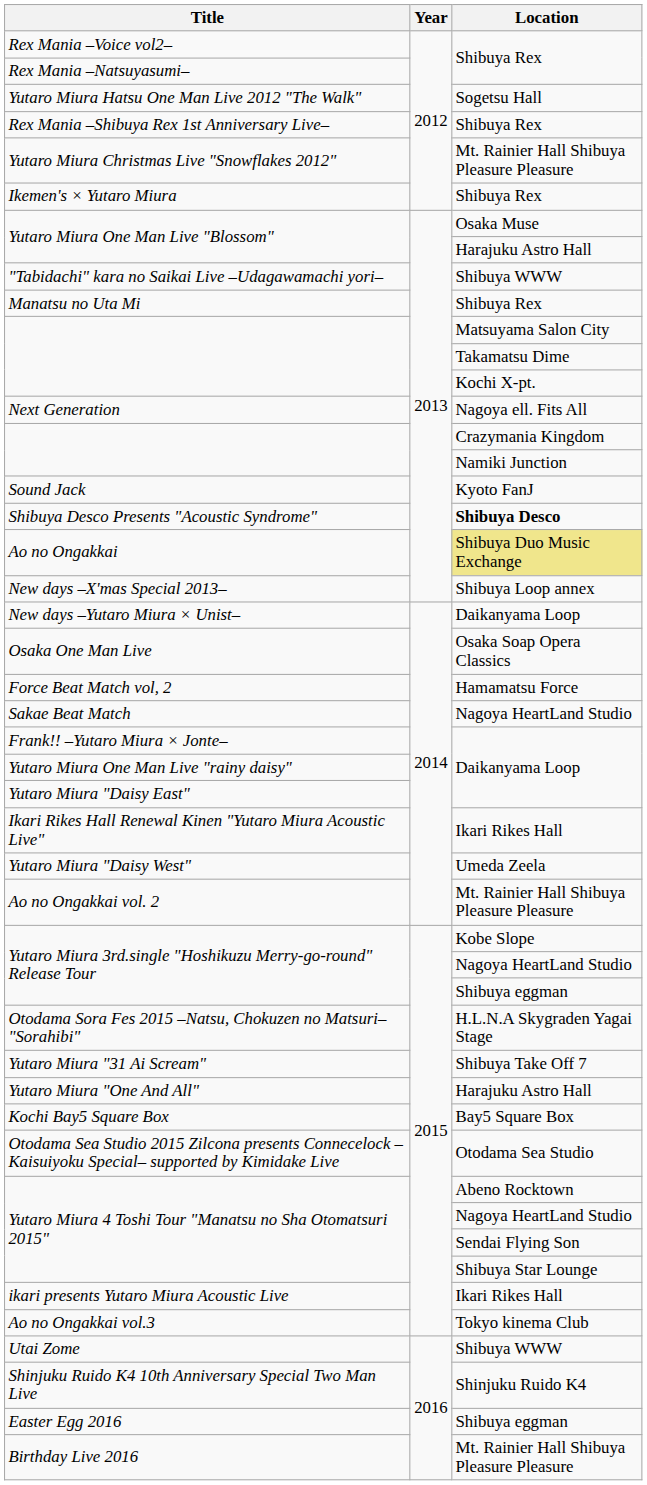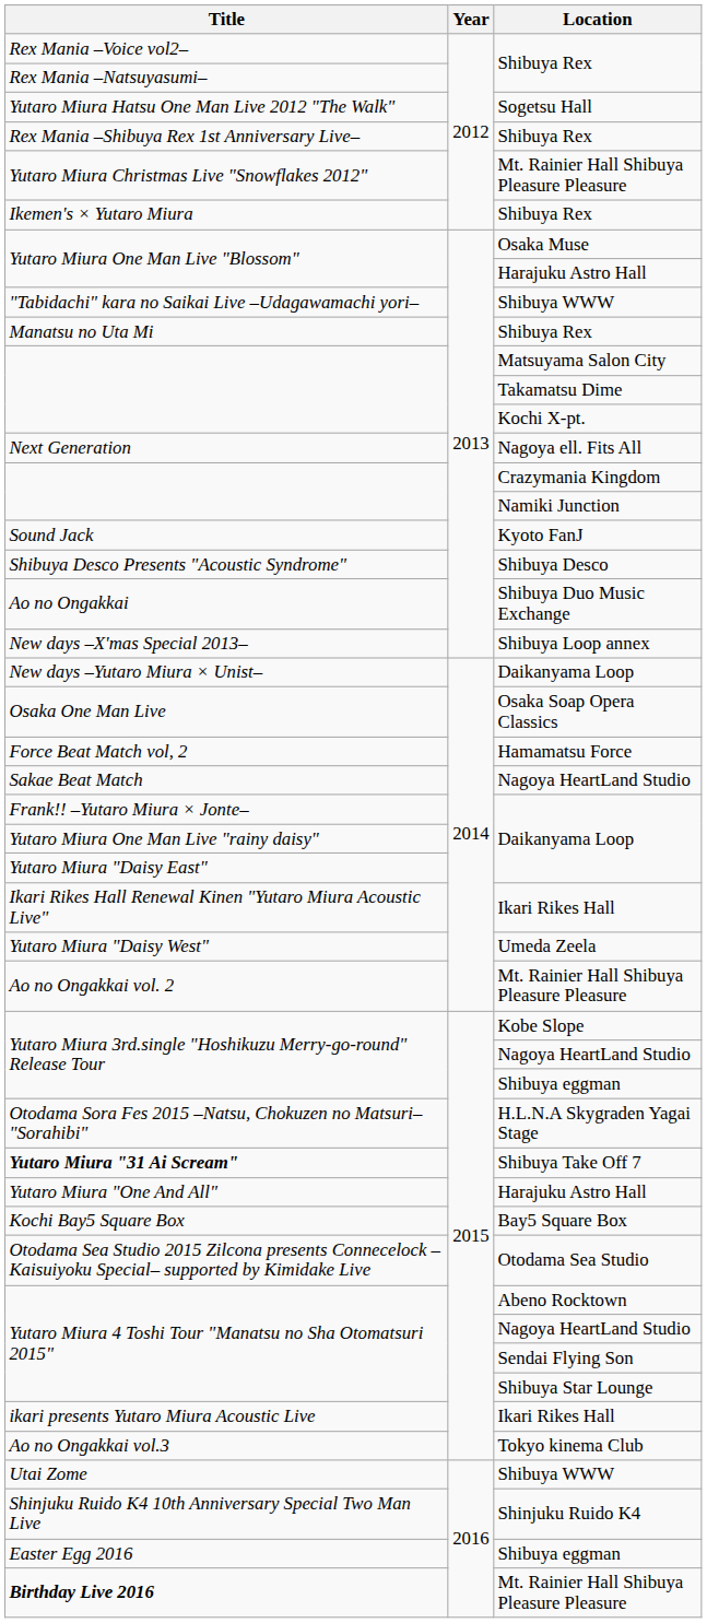 <table class="wikitable">
 <tr>
 <th>Title</th>
 <th>Year</th>
 <th>Location</th>
 </tr>
 <tr>
 <td><em>Rex Mania –Voice vol2–</em></td>
 <td rowspan="6">2012</td>
 <td rowspan="2">Shibuya Rex</td>
 </tr>
 <tr>
 <td><em>Rex Mania –Natsuyasumi–</em></td>
 </tr>
 <tr>
 <td><em>Yutaro Miura Hatsu One Man Live 2012 "The Walk"</em></td>
 <td>Sogetsu Hall</td>
 </tr>
 <tr>
 <td><em>Rex Mania –Shibuya Rex 1st Anniversary Live–</em></td>
 <td>Shibuya Rex</td>
 </tr>
 <tr>
 <td><em>Yutaro Miura Christmas Live "Snowflakes 2012"</em></td>
 <td>Mt. Rainier Hall Shibuya Pleasure Pleasure</td>
 </tr>
 <tr>
 <td><em>Ikemen's × Yutaro Miura</em></td>
 <td>Shibuya Rex</td>
 </tr>
 <tr>
 <td rowspan="2"><em>Yutaro Miura One Man Live "Blossom"</em></td>
 <td rowspan="14">2013</td>
 <td>Osaka Muse</td>
 </tr>
 <tr>
 <td>Harajuku Astro Hall</td>
 </tr>
 <tr>
 <td><em>"Tabidachi" kara no Saikai Live –Udagawamachi yori–</em></td>
 <td>Shibuya WWW</td>
 </tr>
 <tr>
 <td><em>Manatsu no Uta Mi</em></td>
 <td>Shibuya Rex</td>
 </tr>
 <tr>
 <td rowspan="3"></td>
 <td>Matsuyama Salon City</td>
 </tr>
 <tr>
 <td>Takamatsu Dime</td>
 </tr>
 <tr>
 <td>Kochi X-pt.</td>
 </tr>
 <tr>
 <td><em>Next Generation</em></td>
 <td>Nagoya ell. Fits All</td>
 </tr>
 <tr>
 <td rowspan="2"></td>
 <td>Crazymania Kingdom</td>
 </tr>
 <tr>
 <td>Namiki Junction</td>
 </tr>
 <tr>
 <td><em>Sound Jack</em></td>
 <td>Kyoto FanJ</td>
 </tr>
 <tr>
 <td><em>Shibuya Desco Presents "Acoustic Syndrome"</em></td>
-<td><strong>Shibuya Desco</strong></td>
+<td>Shibuya Desco</td>
 </tr>
 <tr>
 <td><em>Ao no Ongakkai</em></td>
-<td style="background: khaki;">Shibuya Duo Music Exchange</td>
+<td>Shibuya Duo Music Exchange</td>
 </tr>
 <tr>
 <td><em>New days –X'mas Special 2013–</em></td>
 <td>Shibuya Loop annex</td>
 </tr>
 <tr>
 <td><em>New days –Yutaro Miura × Unist–</em></td>
 <td rowspan="10">2014</td>
 <td>Daikanyama Loop</td>
 </tr>
 <tr>
 <td><em>Osaka One Man Live</em></td>
 <td>Osaka Soap Opera Classics</td>
 </tr>
 <tr>
 <td><em>Force Beat Match vol, 2</em></td>
 <td>Hamamatsu Force</td>
 </tr>
 <tr>
 <td><em>Sakae Beat Match</em></td>
 <td>Nagoya HeartLand Studio</td>
 </tr>
 <tr>
 <td><em>Frank!! –Yutaro Miura × Jonte–</em></td>
 <td rowspan="3">Daikanyama Loop</td>
 </tr>
 <tr>
 <td><em>Yutaro Miura One Man Live "rainy daisy"</em></td>
 </tr>
 <tr>
 <td><em>Yutaro Miura "Daisy East"</em></td>
 </tr>
 <tr>
 <td><em>Ikari Rikes Hall Renewal Kinen "Yutaro Miura Acoustic Live"</em></td>
 <td>Ikari Rikes Hall</td>
 </tr>
 <tr>
 <td><em>Yutaro Miura "Daisy West"</em></td>
 <td>Umeda Zeela</td>
 </tr>
 <tr>
 <td><em>Ao no Ongakkai vol. 2</em></td>
 <td>Mt. Rainier Hall Shibuya Pleasure Pleasure</td>
 </tr>
 <tr>
 <td rowspan="3"><em>Yutaro Miura 3rd.single "Hoshikuzu Merry-go-round" Release Tour</em></td>
 <td rowspan="14">2015</td>
 <td>Kobe Slope</td>
 </tr>
 <tr>
 <td>Nagoya HeartLand Studio</td>
 </tr>
 <tr>
 <td>Shibuya eggman</td>
 </tr>
 <tr>
 <td><em>Otodama Sora Fes 2015 –Natsu, Chokuzen no Matsuri– "Sorahibi"</em></td>
 <td>H.L.N.A Skygraden Yagai Stage</td>
 </tr>
 <tr>
-<td><em>Yutaro Miura "31 Ai Scream"</em></td>
+<td><strong><em>Yutaro Miura "31 Ai Scream"</em></strong></td>
 <td>Shibuya Take Off 7</td>
 </tr>
 <tr>
 <td><em>Yutaro Miura "One And All"</em></td>
 <td>Harajuku Astro Hall</td>
 </tr>
 <tr>
 <td><em>Kochi Bay5 Square Box</em></td>
 <td>Bay5 Square Box</td>
 </tr>
 <tr>
 <td><em>Otodama Sea Studio 2015 Zilcona presents Connecelock –Kaisuiyoku Special– supported by Kimidake Live</em></td>
 <td>Otodama Sea Studio</td>
 </tr>
 <tr>
 <td rowspan="4"><em>Yutaro Miura 4 Toshi Tour "Manatsu no Sha Otomatsuri 2015"</em></td>
 <td>Abeno Rocktown</td>
 </tr>
 <tr>
 <td>Nagoya HeartLand Studio</td>
 </tr>
 <tr>
 <td>Sendai Flying Son</td>
 </tr>
 <tr>
 <td>Shibuya Star Lounge</td>
 </tr>
 <tr>
 <td><em>ikari presents Yutaro Miura Acoustic Live</em></td>
 <td>Ikari Rikes Hall</td>
 </tr>
 <tr>
 <td><em>Ao no Ongakkai vol.3</em></td>
 <td>Tokyo kinema Club</td>
 </tr>
 <tr>
 <td><em>Utai Zome</em></td>
 <td rowspan="4">2016</td>
 <td>Shibuya WWW</td>
 </tr>
 <tr>
 <td><em>Shinjuku Ruido K4 10th Anniversary Special Two Man Live</em></td>
 <td>Shinjuku Ruido K4</td>
 </tr>
 <tr>
 <td><em>Easter Egg 2016</em></td>
 <td>Shibuya eggman</td>
 </tr>
 <tr>
-<td><em>Birthday Live 2016</em></td>
+<td><strong><em>Birthday Live 2016</em></strong></td>
 <td>Mt. Rainier Hall Shibuya Pleasure Pleasure</td>
 </tr>
 </table>
